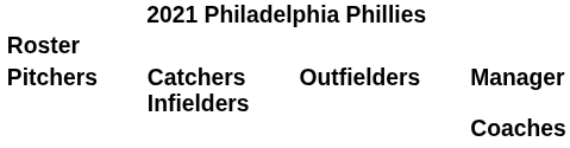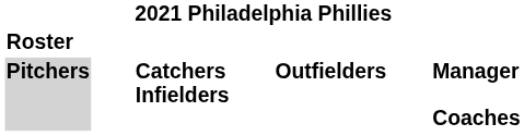 <table class="toccolours" style="font-size: 95%;">
 <tr>
 <th colspan="10"><strong>2021 Philadelphia Phillies</strong></th>
 </tr>
 <tr>
 <td colspan="7"><strong>Roster</strong></td>
 </tr>
 <tr>
-<td valign="top"><strong>Pitchers</strong><br>                               </td>
+<td valign="top" style="background: lightgrey;"><strong>Pitchers</strong><br>                               </td>
 <td style="width:25px;"></td>
 <td valign="top"><strong>Catchers</strong><br>   <strong>Infielders</strong>        </td>
 <td style="width:25px;"></td>
 <td valign="top"><strong>Outfielders</strong><br>           </td>
 <td style="width:25px;"></td>
 <td valign="top"><strong>Manager</strong><br><br><strong>Coaches</strong>                            </td>
 </tr>
 </table>
